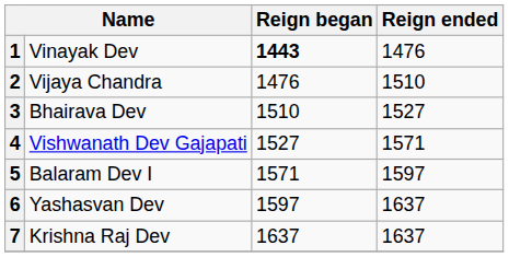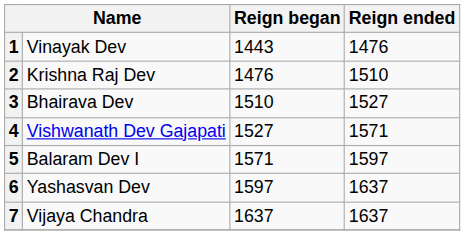 <table class="wikitable sortable">
 <tr>
 <th scope="col" colspan=2>Name</th>
 <th scope="col">Reign began</th>
 <th scope="col">Reign ended</th>
 </tr>
 <tr>
 <th scope="row">1</th>
 <td>Vinayak Dev</td>
-<td><strong>1443</strong></td>
+<td>1443</td>
 <td>1476</td>
 </tr>
 <tr>
 <th scope="row">2</th>
-<td>Vijaya Chandra</td>
+<td>Krishna Raj Dev</td>
 <td>1476</td>
 <td>1510</td>
 </tr>
 <tr>
 <th scope="row">3</th>
 <td>Bhairava Dev</td>
 <td>1510</td>
 <td>1527</td>
 </tr>
 <tr>
 <th scope="row">4</th>
 <td><a href='#'>Vishwanath Dev Gajapati</a></td>
 <td>1527</td>
 <td>1571</td>
 </tr>
 <tr>
 <th scope="row">5</th>
 <td>Balaram Dev I</td>
 <td>1571</td>
 <td>1597</td>
 </tr>
 <tr>
 <th scope="row">6</th>
 <td>Yashasvan Dev</td>
 <td>1597</td>
 <td>1637</td>
 </tr>
 <tr>
 <th scope="row">7</th>
-<td>Krishna Raj Dev</td>
+<td>Vijaya Chandra</td>
 <td>1637</td>
 <td>1637</td>
 </tr>
 <tr>
 </tr>
 </table>
